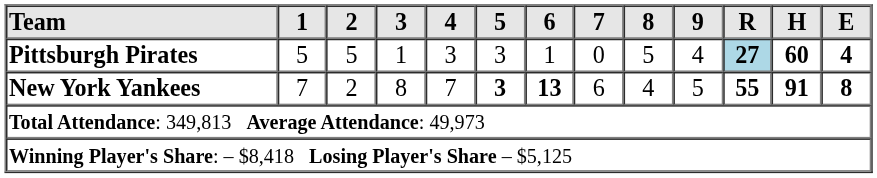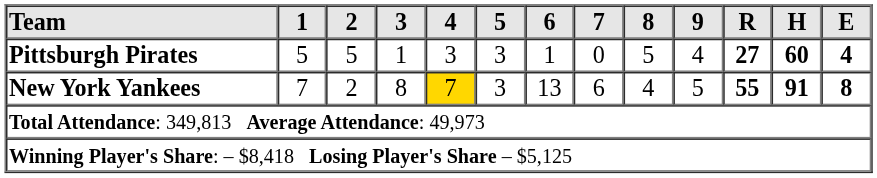 <table border="1" cellspacing="0"  style="width:575px; margin-left:3em;">
 <tr style="text-align:center; background:#e6e6e6;">
 <th style="text-align:left; width:155px;">Team</th>
 <th width=25>1</th>
 <th width=25>2</th>
 <th width=25>3</th>
 <th width=25>4</th>
 <th width=25>5</th>
 <th width=25>6</th>
 <th width=25>7</th>
 <th width=25>8</th>
 <th width=25>9</th>
 <th width=25>R</th>
 <th width=25>H</th>
 <th width=25>E</th>
 </tr>
 <tr style="text-align:center;">
 <td align=left><strong>Pittsburgh Pirates</strong></td>
 <td>5</td>
 <td>5</td>
 <td>1</td>
 <td>3</td>
 <td>3</td>
 <td>1</td>
 <td>0</td>
 <td>5</td>
 <td>4</td>
-<td style="background: lightblue;"><strong>27</strong></td>
+<td><strong>27</strong></td>
 <td><strong>60</strong></td>
 <td><strong>4</strong></td>
 </tr>
 <tr style="text-align:center;">
 <td align=left><strong>New York Yankees</strong></td>
 <td>7</td>
 <td>2</td>
 <td>8</td>
-<td>7</td>
-<td><strong>3</strong></td>
-<td><strong>13</strong></td>
+<td style="background: gold;">7</td>
+<td>3</td>
+<td>13</td>
 <td>6</td>
 <td>4</td>
 <td>5</td>
 <td><strong>55</strong></td>
 <td><strong>91</strong></td>
 <td><strong>8</strong></td>
 </tr>
 <tr style="text-align:left;">
 <td colspan=14><small><strong>Total Attendance</strong>: 349,813   <strong>Average Attendance</strong>: 49,973</small></td>
 </tr>
 <tr style="text-align:left;">
 <td colspan=14><small><strong>Winning Player's Share</strong>:  – $8,418   <strong>Losing Player's Share</strong> – $5,125</small></td>
 </tr>
 </table>
